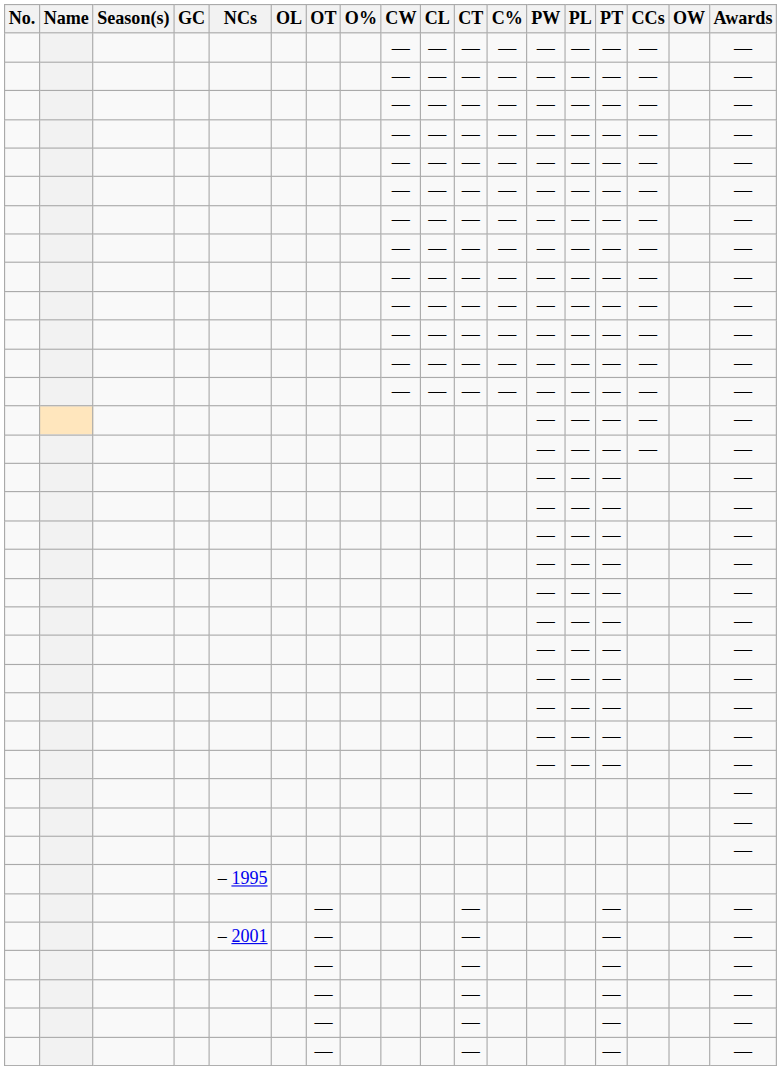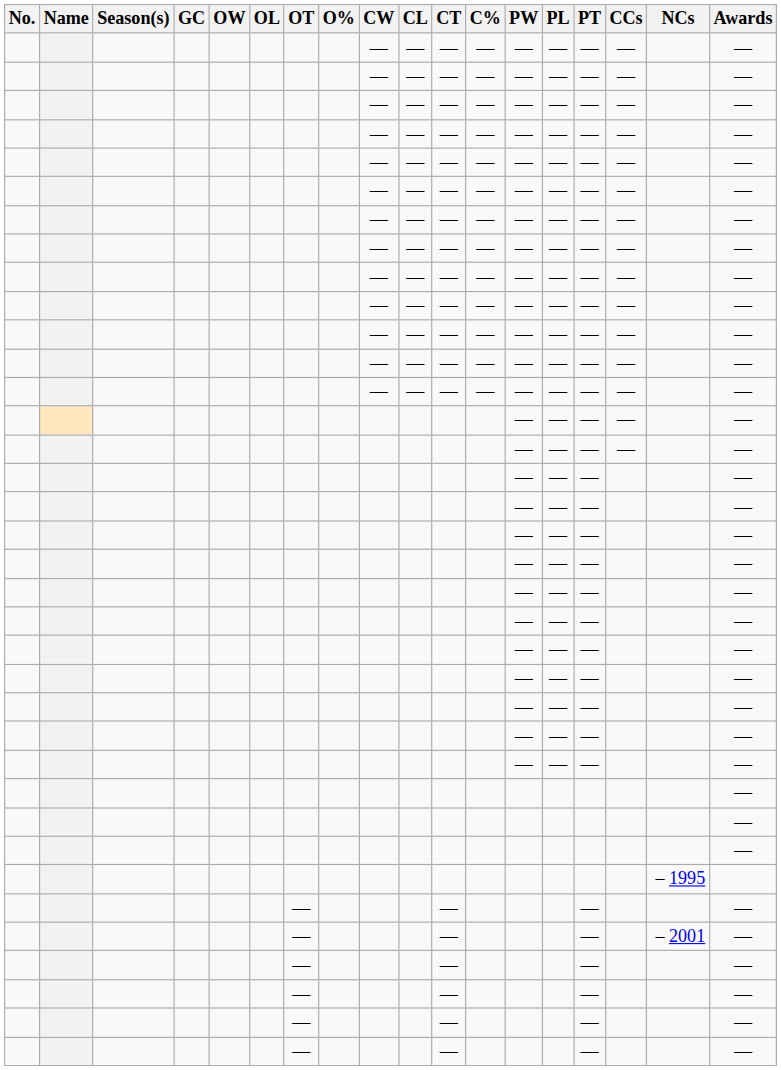 <table class="wikitable sortable" style="text-align:center;">
 <tr>
 <th scope="col" class="unsortable">No.</th>
 <th scope="col">Name</th>
 <th scope="col">Season(s)</th>
 <th scope="col">GC</th>
-<th scope="col">NCs</th>
+<th scope="col">OW</th>
 <th scope="col">OL</th>
 <th scope="col">OT</th>
 <th scope="col">O%</th>
 <th scope="col">CW</th>
 <th scope="col">CL</th>
 <th scope="col">CT</th>
 <th scope="col">C%</th>
 <th scope="col">PW</th>
 <th scope="col">PL</th>
 <th scope="col">PT</th>
 <th scope="col">CCs</th>
-<th scope="col">OW</th>
+<th scope="col">NCs</th>
 <th scope="col" class="unsortable">Awards</th>
 </tr>
 <tr>
 <td></td>
 <th scope="row"></th>
 <td></td>
 <td></td>
 <td></td>
 <td></td>
 <td></td>
 <td></td>
 <td>—</td>
 <td>—</td>
 <td>—</td>
 <td>—</td>
 <td>—</td>
 <td>—</td>
 <td>—</td>
 <td>—</td>
 <td></td>
 <td>—</td>
 </tr>
 <tr>
 <td></td>
 <th scope="row"></th>
 <td></td>
 <td></td>
 <td></td>
 <td></td>
 <td></td>
 <td></td>
 <td>—</td>
 <td>—</td>
 <td>—</td>
 <td>—</td>
 <td>—</td>
 <td>—</td>
 <td>—</td>
 <td>—</td>
 <td></td>
 <td>—</td>
 </tr>
 <tr>
 <td></td>
 <th scope="row"></th>
 <td></td>
 <td></td>
 <td></td>
 <td></td>
 <td></td>
 <td></td>
 <td>—</td>
 <td>—</td>
 <td>—</td>
 <td>—</td>
 <td>—</td>
 <td>—</td>
 <td>—</td>
 <td>—</td>
 <td></td>
 <td>—</td>
 </tr>
 <tr>
 <td></td>
 <th scope="row"></th>
 <td></td>
 <td></td>
 <td></td>
 <td></td>
 <td></td>
 <td></td>
 <td>—</td>
 <td>—</td>
 <td>—</td>
 <td>—</td>
 <td>—</td>
 <td>—</td>
 <td>—</td>
 <td>—</td>
 <td></td>
 <td>—</td>
 </tr>
 <tr>
 <td></td>
 <th scope="row"></th>
 <td></td>
 <td></td>
 <td></td>
 <td></td>
 <td></td>
 <td></td>
 <td>—</td>
 <td>—</td>
 <td>—</td>
 <td>—</td>
 <td>—</td>
 <td>—</td>
 <td>—</td>
 <td>—</td>
 <td></td>
 <td>—</td>
 </tr>
 <tr>
 <td></td>
 <th scope="row"></th>
 <td></td>
 <td></td>
 <td></td>
 <td></td>
 <td></td>
 <td></td>
 <td>—</td>
 <td>—</td>
 <td>—</td>
 <td>—</td>
 <td>—</td>
 <td>—</td>
 <td>—</td>
 <td>—</td>
 <td></td>
 <td>—</td>
 </tr>
 <tr>
 <td></td>
 <th scope="row"></th>
 <td></td>
 <td></td>
 <td></td>
 <td></td>
 <td></td>
 <td></td>
 <td>—</td>
 <td>—</td>
 <td>—</td>
 <td>—</td>
 <td>—</td>
 <td>—</td>
 <td>—</td>
 <td>—</td>
 <td></td>
 <td>—</td>
 </tr>
 <tr>
 <td></td>
 <th scope="row"></th>
 <td></td>
 <td></td>
 <td></td>
 <td></td>
 <td></td>
 <td></td>
 <td>—</td>
 <td>—</td>
 <td>—</td>
 <td>—</td>
 <td>—</td>
 <td>—</td>
 <td>—</td>
 <td>—</td>
 <td></td>
 <td>—</td>
 </tr>
 <tr>
 <td></td>
 <th scope="row"></th>
 <td></td>
 <td></td>
 <td></td>
 <td></td>
 <td></td>
 <td></td>
 <td>—</td>
 <td>—</td>
 <td>—</td>
 <td>—</td>
 <td>—</td>
 <td>—</td>
 <td>—</td>
 <td>—</td>
 <td></td>
 <td>—</td>
 </tr>
 <tr>
 <td></td>
 <th scope="row"></th>
 <td></td>
 <td></td>
 <td></td>
 <td></td>
 <td></td>
 <td></td>
 <td>—</td>
 <td>—</td>
 <td>—</td>
 <td>—</td>
 <td>—</td>
 <td>—</td>
 <td>—</td>
 <td>—</td>
 <td></td>
 <td>—</td>
 </tr>
 <tr>
 <td></td>
 <th scope="row"></th>
 <td></td>
 <td></td>
 <td></td>
 <td></td>
 <td></td>
 <td></td>
 <td>—</td>
 <td>—</td>
 <td>—</td>
 <td>—</td>
 <td>—</td>
 <td>—</td>
 <td>—</td>
 <td>—</td>
 <td></td>
 <td>—</td>
 </tr>
 <tr>
 <td></td>
 <th scope="row"></th>
 <td></td>
 <td></td>
 <td></td>
 <td></td>
 <td></td>
 <td></td>
 <td>—</td>
 <td>—</td>
 <td>—</td>
 <td>—</td>
 <td>—</td>
 <td>—</td>
 <td>—</td>
 <td>—</td>
 <td></td>
 <td>—</td>
 </tr>
 <tr>
 <td></td>
 <th scope="row"></th>
 <td></td>
 <td></td>
 <td></td>
 <td></td>
 <td></td>
 <td></td>
 <td>—</td>
 <td>—</td>
 <td>—</td>
 <td>—</td>
 <td>—</td>
 <td>—</td>
 <td>—</td>
 <td>—</td>
 <td></td>
 <td>—</td>
 </tr>
 <tr>
 <td></td>
 <td scope="row" align="center" bgcolor=#FFE6BD><strong></strong><sup></sup></td>
 <td></td>
 <td></td>
 <td></td>
 <td></td>
 <td></td>
 <td></td>
 <td></td>
 <td></td>
 <td></td>
 <td></td>
 <td>—</td>
 <td>—</td>
 <td>—</td>
 <td>—</td>
 <td></td>
 <td>—</td>
 </tr>
 <tr>
 <td></td>
 <th scope="row"></th>
 <td></td>
 <td></td>
 <td></td>
 <td></td>
 <td></td>
 <td></td>
 <td></td>
 <td></td>
 <td></td>
 <td></td>
 <td>—</td>
 <td>—</td>
 <td>—</td>
 <td>—</td>
 <td></td>
 <td>—</td>
 </tr>
 <tr>
 <td></td>
 <th scope="row"></th>
 <td></td>
 <td></td>
 <td></td>
 <td></td>
 <td></td>
 <td></td>
 <td></td>
 <td></td>
 <td></td>
 <td></td>
 <td>—</td>
 <td>—</td>
 <td>—</td>
 <td></td>
 <td></td>
 <td>—</td>
 </tr>
 <tr>
 <td></td>
 <th scope="row"></th>
 <td></td>
 <td></td>
 <td></td>
 <td></td>
 <td></td>
 <td></td>
 <td></td>
 <td></td>
 <td></td>
 <td></td>
 <td>—</td>
 <td>—</td>
 <td>—</td>
 <td></td>
 <td></td>
 <td>—</td>
 </tr>
 <tr>
 <td></td>
 <th scope="row"></th>
 <td></td>
 <td></td>
 <td></td>
 <td></td>
 <td></td>
 <td></td>
 <td></td>
 <td></td>
 <td></td>
 <td></td>
 <td>—</td>
 <td>—</td>
 <td>—</td>
 <td></td>
 <td></td>
 <td>—</td>
 </tr>
 <tr>
 <td></td>
 <th scope="row"></th>
 <td></td>
 <td></td>
 <td></td>
 <td></td>
 <td></td>
 <td></td>
 <td></td>
 <td></td>
 <td></td>
 <td></td>
 <td>—</td>
 <td>—</td>
 <td>—</td>
 <td></td>
 <td></td>
 <td>—</td>
 </tr>
 <tr>
 <td></td>
 <th scope="row"></th>
 <td></td>
 <td></td>
 <td></td>
 <td></td>
 <td></td>
 <td></td>
 <td></td>
 <td></td>
 <td></td>
 <td></td>
 <td>—</td>
 <td>—</td>
 <td>—</td>
 <td></td>
 <td></td>
 <td>—</td>
 </tr>
 <tr>
 <td></td>
 <th scope="row"></th>
 <td></td>
 <td></td>
 <td></td>
 <td></td>
 <td></td>
 <td></td>
 <td></td>
 <td></td>
 <td></td>
 <td></td>
 <td>—</td>
 <td>—</td>
 <td>—</td>
 <td></td>
 <td></td>
 <td>—</td>
 </tr>
 <tr>
 <td></td>
 <th scope="row"></th>
 <td></td>
 <td></td>
 <td></td>
 <td></td>
 <td></td>
 <td></td>
 <td></td>
 <td></td>
 <td></td>
 <td></td>
 <td>—</td>
 <td>—</td>
 <td>—</td>
 <td></td>
 <td></td>
 <td>—</td>
 </tr>
 <tr>
 <td></td>
 <th scope="row"></th>
 <td></td>
 <td></td>
 <td></td>
 <td></td>
 <td></td>
 <td></td>
 <td></td>
 <td></td>
 <td></td>
 <td></td>
 <td>—</td>
 <td>—</td>
 <td>—</td>
 <td></td>
 <td></td>
 <td>—</td>
 </tr>
 <tr>
 <td></td>
 <th scope="row"></th>
 <td></td>
 <td></td>
 <td></td>
 <td></td>
 <td></td>
 <td></td>
 <td></td>
 <td></td>
 <td></td>
 <td></td>
 <td>—</td>
 <td>—</td>
 <td>—</td>
 <td></td>
 <td></td>
 <td>—</td>
 </tr>
 <tr>
 <td></td>
 <th scope="row"></th>
 <td></td>
 <td></td>
 <td></td>
 <td></td>
 <td></td>
 <td></td>
 <td></td>
 <td></td>
 <td></td>
 <td></td>
 <td>—</td>
 <td>—</td>
 <td>—</td>
 <td></td>
 <td></td>
 <td>—</td>
 </tr>
 <tr>
 <td></td>
 <th scope="row"></th>
 <td></td>
 <td></td>
 <td></td>
 <td></td>
 <td></td>
 <td></td>
 <td></td>
 <td></td>
 <td></td>
 <td></td>
 <td>—</td>
 <td>—</td>
 <td>—</td>
 <td></td>
 <td></td>
 <td>—</td>
 </tr>
 <tr>
 <td></td>
 <th scope="row"></th>
 <td></td>
 <td></td>
 <td></td>
 <td></td>
 <td></td>
 <td></td>
 <td></td>
 <td></td>
 <td></td>
 <td></td>
 <td></td>
 <td></td>
 <td></td>
 <td></td>
 <td></td>
 <td>—</td>
 </tr>
 <tr>
 <td></td>
 <th scope="row"></th>
 <td></td>
 <td></td>
 <td></td>
 <td></td>
 <td></td>
 <td></td>
 <td></td>
 <td></td>
 <td></td>
 <td></td>
 <td></td>
 <td></td>
 <td></td>
 <td></td>
 <td></td>
 <td>—</td>
 </tr>
 <tr>
 <td></td>
 <th scope="row"></th>
 <td></td>
 <td></td>
 <td></td>
 <td></td>
 <td></td>
 <td></td>
 <td></td>
 <td></td>
 <td></td>
 <td></td>
 <td></td>
 <td></td>
 <td></td>
 <td></td>
 <td></td>
 <td>—</td>
 </tr>
 <tr>
 <td></td>
 <th scope="row"></th>
 <td></td>
 <td></td>
-<td> – <a href='#'>1995</a></td>
 <td></td>
 <td></td>
 <td></td>
 <td></td>
 <td></td>
 <td></td>
 <td></td>
 <td></td>
 <td></td>
 <td></td>
 <td></td>
 <td></td>
+<td> – <a href='#'>1995</a></td>
 <td></td>
 </tr>
 <tr>
 <td></td>
 <th scope="row"></th>
 <td></td>
 <td></td>
 <td></td>
 <td></td>
 <td>—</td>
 <td></td>
 <td></td>
 <td></td>
 <td>—</td>
 <td></td>
 <td></td>
 <td></td>
 <td>—</td>
 <td></td>
 <td></td>
 <td>—</td>
 </tr>
 <tr>
 <td></td>
 <th scope="row"></th>
 <td></td>
 <td></td>
-<td> – <a href='#'>2001</a></td>
+<td></td>
 <td></td>
 <td>—</td>
 <td></td>
 <td></td>
 <td></td>
 <td>—</td>
 <td></td>
 <td></td>
 <td></td>
 <td>—</td>
 <td></td>
-<td></td>
+<td> – <a href='#'>2001</a></td>
 <td>—</td>
 </tr>
 <tr>
 <td></td>
 <th scope="row"></th>
 <td></td>
 <td></td>
 <td></td>
 <td></td>
 <td>—</td>
 <td></td>
 <td></td>
 <td></td>
 <td>—</td>
 <td></td>
 <td></td>
 <td></td>
 <td>—</td>
 <td></td>
 <td></td>
 <td>—</td>
 </tr>
 <tr>
 <td></td>
 <th scope="row"><br></th>
 <td></td>
 <td></td>
 <td></td>
 <td></td>
 <td>—</td>
 <td></td>
 <td></td>
 <td></td>
 <td>—</td>
 <td></td>
 <td></td>
 <td></td>
 <td>—</td>
 <td></td>
 <td></td>
 <td>—</td>
 </tr>
 <tr>
 <td></td>
 <th scope="row"></th>
 <td></td>
 <td></td>
 <td></td>
 <td></td>
 <td>—</td>
 <td></td>
 <td></td>
 <td></td>
 <td>—</td>
 <td></td>
 <td></td>
 <td></td>
 <td>—</td>
 <td></td>
 <td></td>
 <td>—</td>
 </tr>
 <tr>
 <td></td>
 <th scope="row"></th>
 <td></td>
 <td></td>
 <td></td>
 <td></td>
 <td>—</td>
 <td></td>
 <td></td>
 <td></td>
 <td>—</td>
 <td></td>
 <td></td>
 <td></td>
 <td>—</td>
 <td></td>
 <td></td>
 <td>—</td>
 </tr>
 </table>
